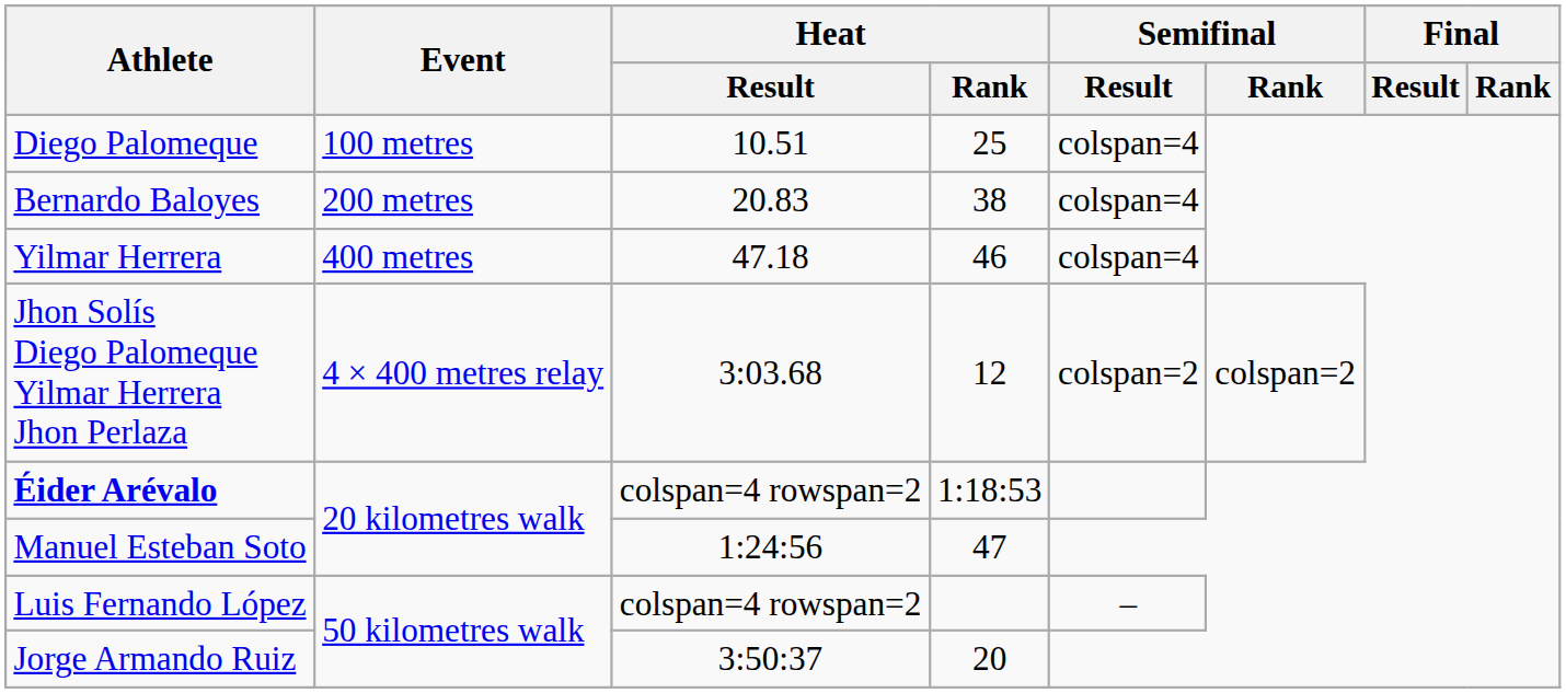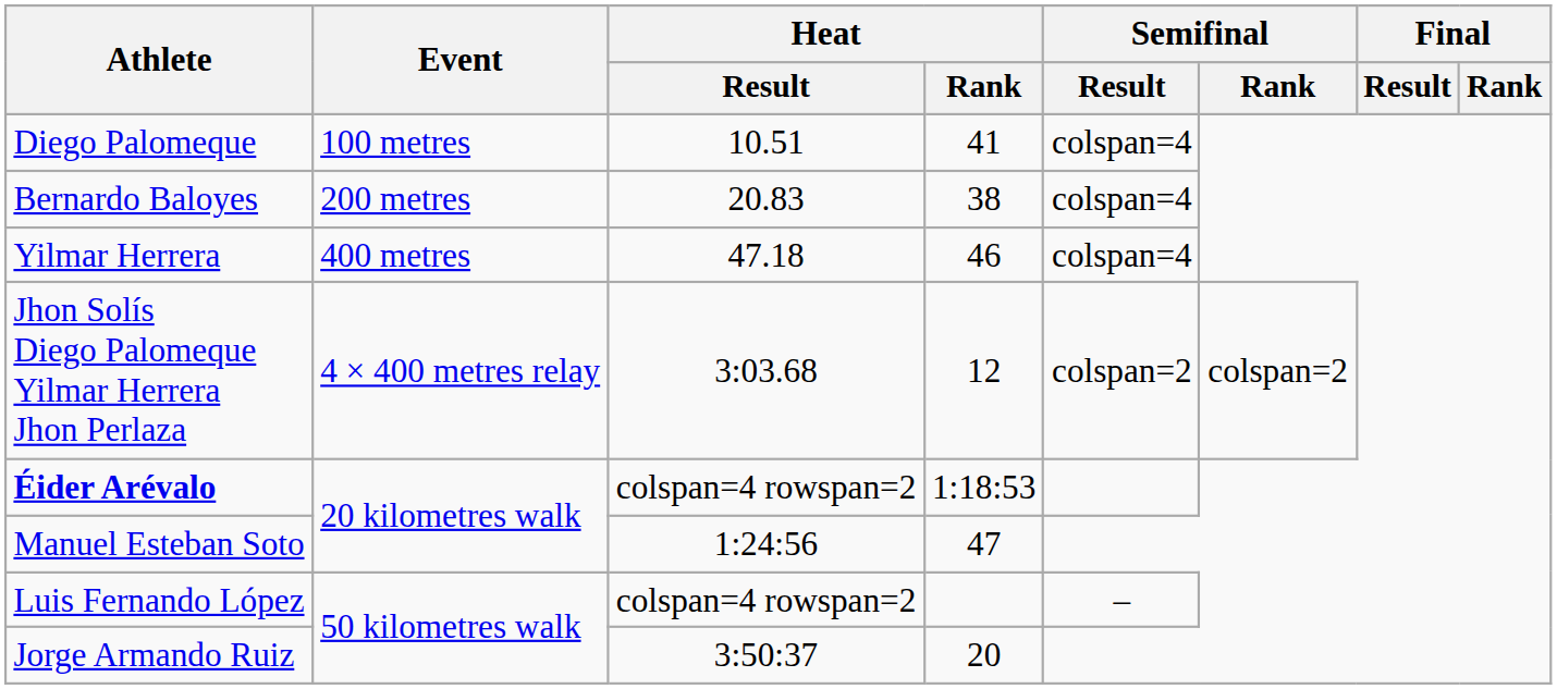 <table class=wikitable style=font-size:90%>
 <tr>
 <th rowspan=2>Athlete</th>
 <th rowspan=2>Event</th>
 <th colspan=2>Heat</th>
 <th colspan=2>Semifinal</th>
 <th colspan=2>Final</th>
 </tr>
 <tr style=font-size:95%>
 <th>Result</th>
 <th>Rank</th>
 <th>Result</th>
 <th>Rank</th>
 <th>Result</th>
 <th>Rank</th>
 </tr>
 <tr align=center>
 <td align=left><a href='#'>Diego Palomeque</a></td>
 <td align=left><a href='#'>100 metres</a></td>
 <td>10.51</td>
-<td>25</td>
+<td>41</td>
 <td>colspan=4 </td>
 </tr>
 <tr align=center>
 <td align=left><a href='#'>Bernardo Baloyes</a></td>
 <td align=left><a href='#'>200 metres</a></td>
 <td>20.83</td>
 <td>38</td>
 <td>colspan=4 </td>
 </tr>
 <tr align=center>
 <td align=left><a href='#'>Yilmar Herrera</a></td>
 <td align=left><a href='#'>400 metres</a></td>
 <td>47.18</td>
 <td>46</td>
 <td>colspan=4 </td>
 </tr>
 <tr align=center>
 <td align=left><a href='#'>Jhon Solís</a><br><a href='#'>Diego Palomeque</a><br><a href='#'>Yilmar Herrera</a><br><a href='#'>Jhon Perlaza</a></td>
 <td align=left><a href='#'>4 × 400 metres relay</a></td>
 <td>3:03.68 <strong></strong></td>
 <td>12</td>
 <td>colspan=2 </td>
 <td>colspan=2 </td>
 </tr>
 <tr align=center>
 <td align=left><strong><a href='#'>Éider Arévalo</a></strong></td>
 <td align=left rowspan=2><a href='#'>20 kilometres walk</a></td>
 <td>colspan=4 rowspan=2 </td>
 <td>1:18:53 <strong></strong></td>
 <td></td>
 </tr>
 <tr align=center>
 <td align=left><a href='#'>Manuel Esteban Soto</a></td>
 <td>1:24:56</td>
 <td>47</td>
 </tr>
 <tr align=center>
 <td align=left><a href='#'>Luis Fernando López</a></td>
 <td align=left rowspan=2><a href='#'>50 kilometres walk</a></td>
 <td>colspan=4 rowspan=2 </td>
 <td><strong></strong></td>
 <td>–</td>
 </tr>
 <tr align=center>
 <td align=left><a href='#'>Jorge Armando Ruiz</a></td>
 <td>3:50:37 <strong></strong></td>
 <td>20</td>
 </tr>
 </table>
